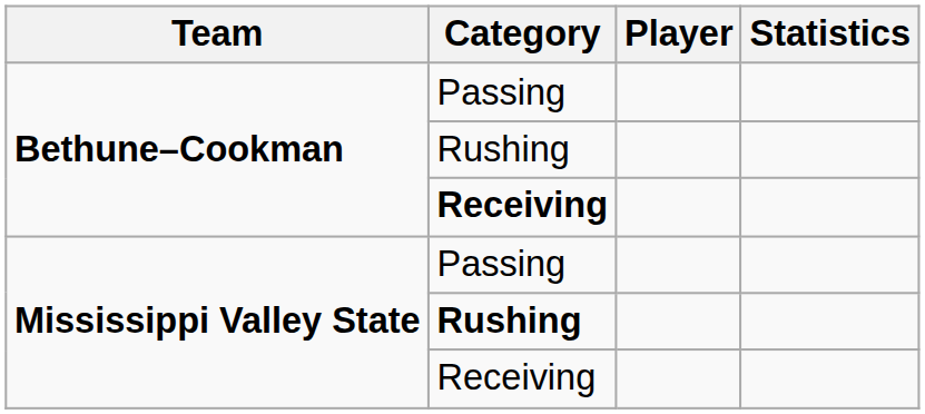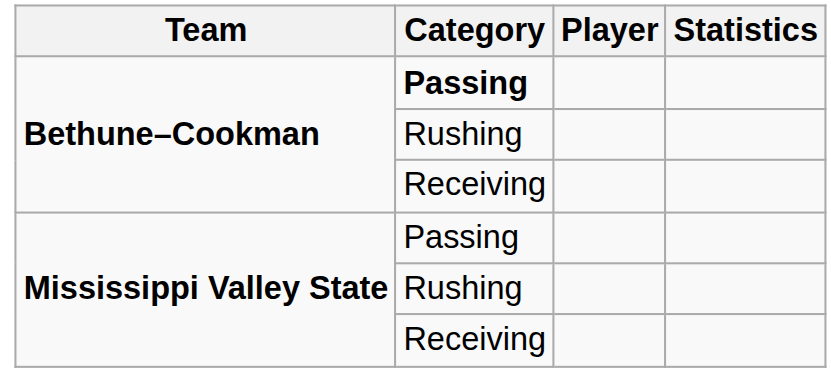 <table class="wikitable" style="float: right;">
 <tr>
 <th>Team</th>
 <th>Category</th>
 <th>Player</th>
 <th>Statistics</th>
 </tr>
 <tr>
 <td rowspan=3><strong>Bethune–Cookman</strong></td>
+<td><strong>Passing</strong></td>
+<td></td>
+<td></td>
+</tr>
+<tr>
+<td>Rushing</td>
+<td></td>
+<td></td>
+</tr>
+<tr>
+<td>Receiving</td>
+<td></td>
+<td></td>
+</tr>
+<tr>
+<td rowspan=3><strong>Mississippi Valley State</strong></td>
 <td>Passing</td>
 <td></td>
 <td></td>
 </tr>
 <tr>
 <td>Rushing</td>
 <td></td>
 <td></td>
 </tr>
 <tr>
-<td><strong>Receiving</strong></td>
-<td></td>
-<td></td>
-</tr>
-<tr>
-<td rowspan=3><strong>Mississippi Valley State</strong></td>
-<td>Passing</td>
-<td></td>
-<td></td>
-</tr>
-<tr>
-<td><strong>Rushing</strong></td>
-<td></td>
-<td></td>
-</tr>
-<tr>
 <td>Receiving</td>
 <td></td>
 <td></td>
 </tr>
 </table>
